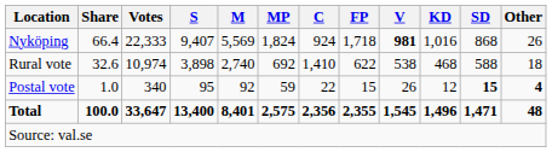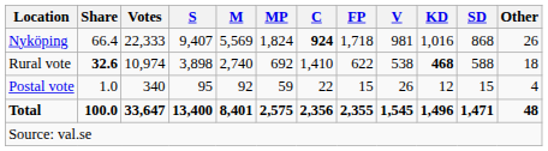 <table class="wikitable sortable" style=text-align:right>
 <tr>
 <th>Location</th>
 <th>Share</th>
 <th>Votes</th>
 <th><a href='#'>S</a></th>
 <th><a href='#'>M</a></th>
 <th><a href='#'>MP</a></th>
 <th><a href='#'>C</a></th>
 <th><a href='#'>FP</a></th>
 <th><a href='#'>V</a></th>
 <th><a href='#'>KD</a></th>
 <th><a href='#'>SD</a></th>
 <th>Other</th>
 </tr>
 <tr>
 <td align=left><a href='#'>Nyköping</a></td>
 <td>66.4</td>
 <td>22,333</td>
 <td>9,407</td>
 <td>5,569</td>
 <td>1,824</td>
-<td>924</td>
+<td><strong>924</strong></td>
 <td>1,718</td>
-<td><strong>981</strong></td>
+<td>981</td>
 <td>1,016</td>
 <td>868</td>
 <td>26</td>
 </tr>
 <tr>
 <td align=left>Rural vote</td>
-<td>32.6</td>
+<td><strong>32.6</strong></td>
 <td>10,974</td>
 <td>3,898</td>
 <td>2,740</td>
 <td>692</td>
 <td>1,410</td>
 <td>622</td>
 <td>538</td>
-<td>468</td>
+<td><strong>468</strong></td>
 <td>588</td>
 <td>18</td>
 </tr>
 <tr>
 <td align=left><a href='#'>Postal vote</a></td>
 <td>1.0</td>
 <td>340</td>
 <td>95</td>
 <td>92</td>
 <td>59</td>
 <td>22</td>
 <td>15</td>
 <td>26</td>
 <td>12</td>
-<td><strong>15</strong></td>
-<td><strong>4</strong></td>
+<td>15</td>
+<td>4</td>
 </tr>
 <tr>
 <td align=left><strong>Total</strong></td>
 <td><strong>100.0</strong></td>
 <td><strong>33,647</strong></td>
 <td><strong>13,400</strong></td>
 <td><strong>8,401</strong></td>
 <td><strong>2,575</strong></td>
 <td><strong>2,356</strong></td>
 <td><strong>2,355</strong></td>
 <td><strong>1,545</strong></td>
 <td><strong>1,496</strong></td>
 <td><strong>1,471</strong></td>
 <td><strong>48</strong></td>
 </tr>
 <tr>
 <td align=left colspan=12>Source: val.se </td>
 </tr>
 </table>
